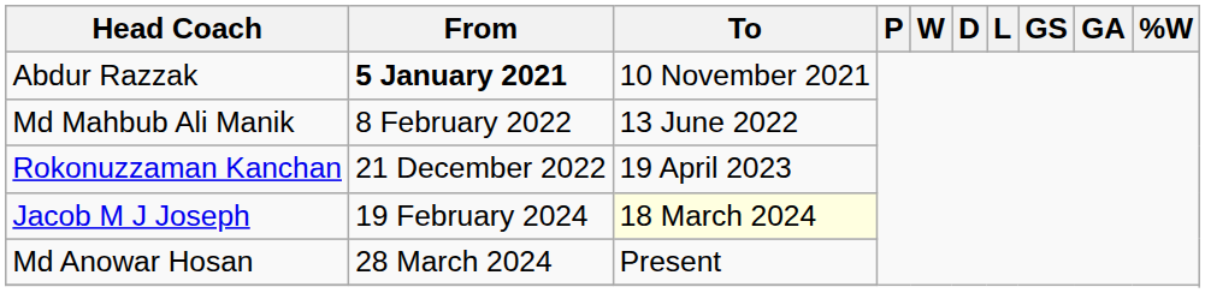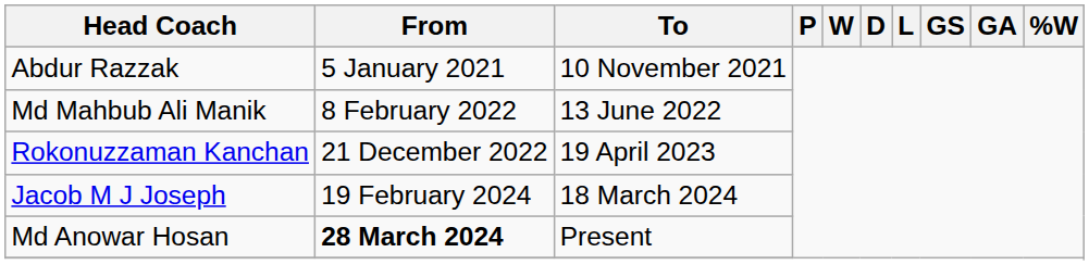 <table class="wikitable sortable" style="text-align: center">
 <tr>
 <th>Head Coach</th>
 <th class="unsortable">From</th>
 <th class="unsortable">To</th>
 <th abbr="3">P</th>
 <th abbr="1">W</th>
 <th abbr="1">D</th>
 <th abbr="1">L</th>
 <th abbr="4">GS</th>
 <th abbr="6">GA</th>
 <th abbr="50">%W</th>
 </tr>
 <tr>
 <td align="left"> Abdur Razzak</td>
-<td align="left"><strong>5 January  2021</strong></td>
+<td align="left">5 January  2021</td>
 <td align="left">10 November 2021<br></td>
 </tr>
 <tr>
 <td align="left"> Md Mahbub Ali Manik</td>
 <td align="left">8 February 2022</td>
 <td align="left">13 June 2022<br></td>
 </tr>
 <tr>
 <td align="left"> <a href='#'>Rokonuzzaman Kanchan</a></td>
 <td align="left">21 December 2022</td>
 <td align="left">19 April 2023<br></td>
 </tr>
 <tr>
 <td align="left"> <a href='#'>Jacob M J Joseph</a></td>
 <td align="left">19 February 2024</td>
-<td align="left" style="background: lightyellow;">18 March 2024<br></td>
+<td align="left">18 March 2024<br></td>
 </tr>
 <tr>
 <td align="left"> Md Anowar Hosan</td>
-<td align="left">28 March 2024</td>
+<td align="left"><strong>28 March 2024</strong></td>
 <td align="left">Present<br></td>
 </tr>
 <tr>
 </tr>
 </table>
